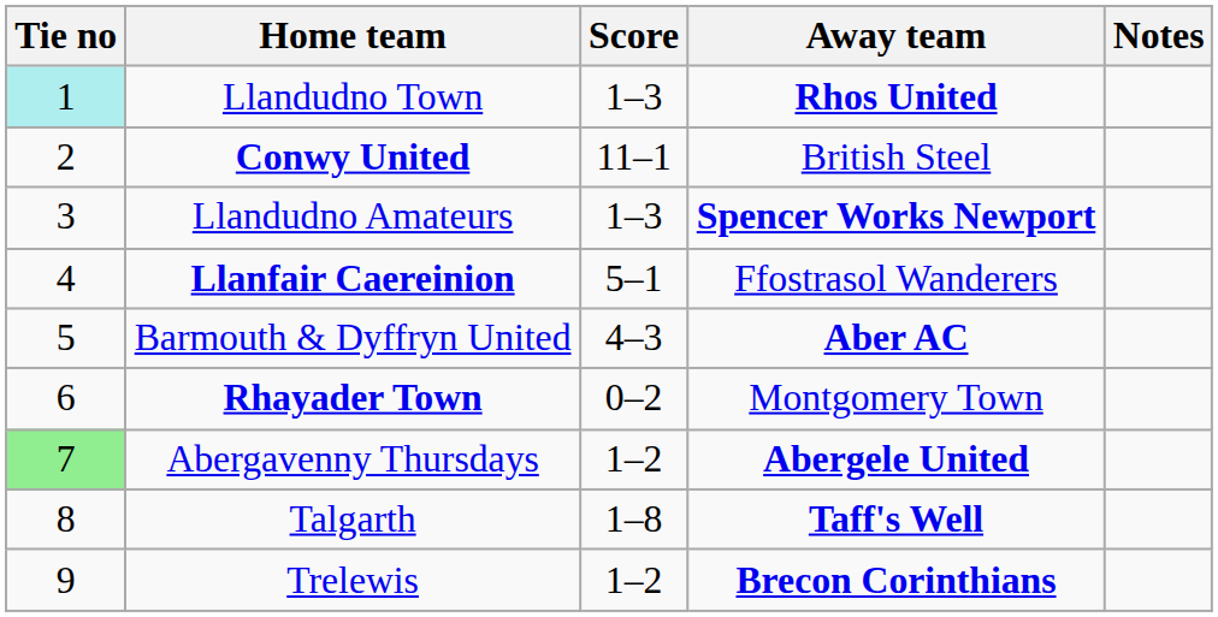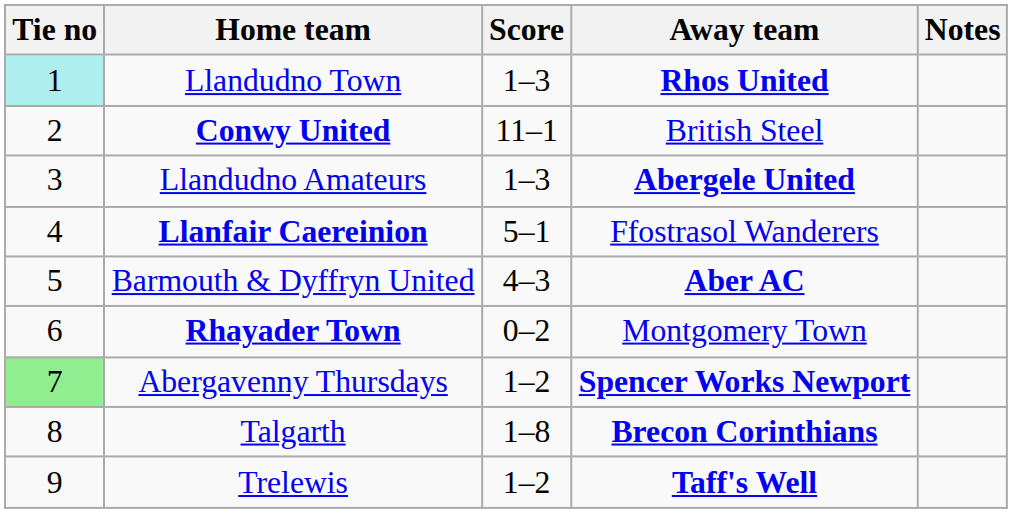 <table class="wikitable" style="text-align: center">
 <tr>
 <th>Tie no</th>
 <th>Home team</th>
 <th>Score</th>
 <th>Away team</th>
 <th>Notes</th>
 </tr>
 <tr>
 <td style="background: paleturquoise;">1</td>
 <td><a href='#'>Llandudno Town</a></td>
 <td>1–3</td>
 <td><strong><a href='#'>Rhos United</a></strong></td>
 </tr>
 <tr>
 <td>2</td>
 <td><strong><a href='#'>Conwy United</a></strong></td>
 <td>11–1</td>
 <td><a href='#'>British Steel</a></td>
 <td></td>
 </tr>
 <tr>
 <td>3</td>
 <td><a href='#'>Llandudno Amateurs</a></td>
 <td>1–3</td>
-<td><strong><a href='#'>Spencer Works Newport</a></strong></td>
+<td><strong><a href='#'>Abergele United</a></strong></td>
 <td></td>
 </tr>
 <tr>
 <td>4</td>
 <td><strong><a href='#'>Llanfair Caereinion</a></strong></td>
 <td>5–1</td>
 <td><a href='#'>Ffostrasol Wanderers</a></td>
 <td></td>
 </tr>
 <tr>
 <td>5</td>
 <td><a href='#'>Barmouth & Dyffryn United</a></td>
 <td>4–3</td>
 <td><strong><a href='#'>Aber AC</a></strong></td>
 <td></td>
 </tr>
 <tr>
 <td>6</td>
 <td><strong><a href='#'>Rhayader Town</a></strong></td>
 <td>0–2</td>
 <td><a href='#'>Montgomery Town</a></td>
 <td></td>
 </tr>
 <tr>
 <td style="background: lightgreen;">7</td>
 <td><a href='#'>Abergavenny Thursdays</a></td>
 <td>1–2</td>
-<td><strong><a href='#'>Abergele United</a></strong></td>
+<td><strong><a href='#'>Spencer Works Newport</a></strong></td>
 <td></td>
 </tr>
 <tr>
 <td>8</td>
 <td><a href='#'>Talgarth</a></td>
 <td>1–8</td>
-<td><strong><a href='#'>Taff's Well</a></strong></td>
+<td><strong><a href='#'>Brecon Corinthians</a></strong></td>
 <td></td>
 </tr>
 <tr>
 <td>9</td>
 <td><a href='#'>Trelewis</a></td>
 <td>1–2</td>
-<td><strong><a href='#'>Brecon Corinthians</a></strong></td>
+<td><strong><a href='#'>Taff's Well</a></strong></td>
 <td></td>
 </tr>
 </table>
